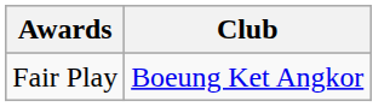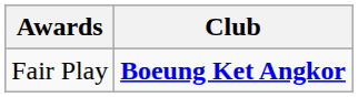 <table class="wikitable" style="font-size: 95%;">
 <tr>
 <th>Awards</th>
 <th>Club</th>
 </tr>
 <tr>
 <td>Fair Play</td>
-<td><a href='#'>Boeung Ket Angkor</a></td>
+<td><strong><a href='#'>Boeung Ket Angkor</a></strong></td>
 </tr>
 </table>
